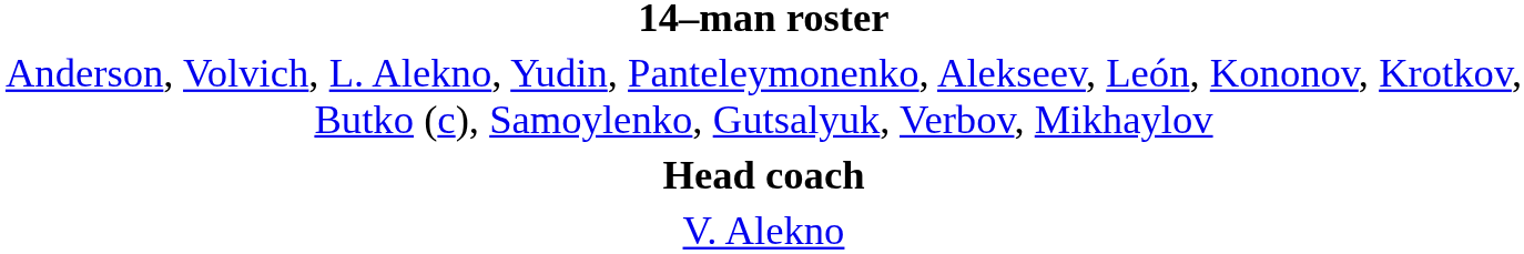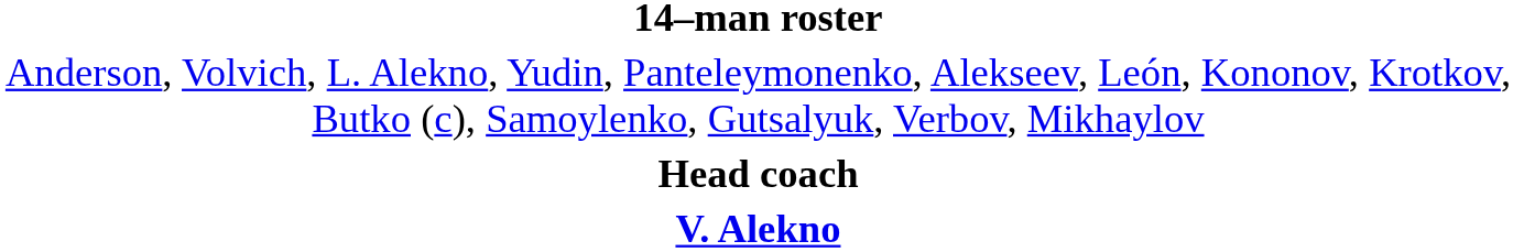 <table style="text-align:center; margin-top:2em; margin-left:auto; margin-right:auto">
 <tr>
 <td><strong>14–man roster</strong></td>
 </tr>
 <tr>
 <td><a href='#'>Anderson</a>, <a href='#'>Volvich</a>, <a href='#'>L. Alekno</a>, <a href='#'>Yudin</a>, <a href='#'>Panteleymonenko</a>, <a href='#'>Alekseev</a>, <a href='#'>León</a>, <a href='#'>Kononov</a>, <a href='#'>Krotkov</a>, <a href='#'>Butko</a> (<a href='#'>c</a>), <a href='#'>Samoylenko</a>, <a href='#'>Gutsalyuk</a>, <a href='#'>Verbov</a>, <a href='#'>Mikhaylov</a></td>
 </tr>
 <tr>
 <td><strong>Head coach</strong></td>
 </tr>
 <tr>
-<td><a href='#'>V. Alekno</a></td>
+<td><strong><a href='#'>V. Alekno</a></strong></td>
 </tr>
 </table>
